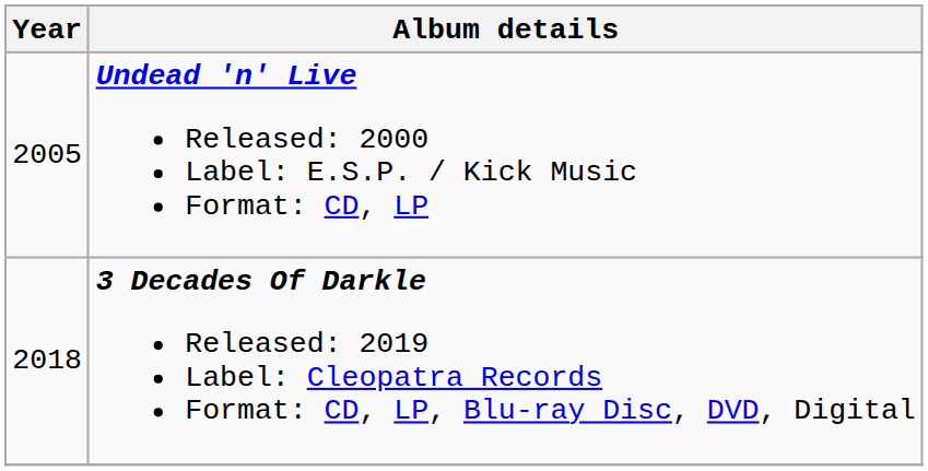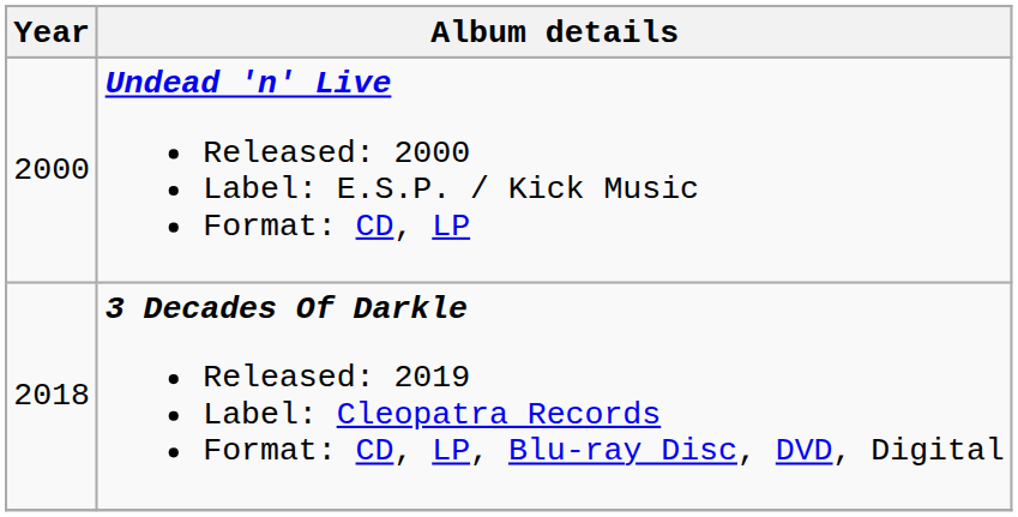 <table class ="wikitable">
 <tr>
 <th>Year</th>
 <th>Album details</th>
 </tr>
 <tr>
-<td>2005</td>
+<td>2000</td>
 <td><strong><em><a href='#'>Undead 'n' Live</a></em></strong><br><ul><li>Released: 2000</li><li>Label: E.S.P. / Kick Music</li><li>Format: <a href='#'>CD</a>, <a href='#'>LP</a></li></ul></td>
 </tr>
 <tr>
 <td>2018</td>
 <td><strong><em>3 Decades Of Darkle</em></strong><br><ul><li>Released: 2019</li><li>Label: <a href='#'>Cleopatra Records</a></li><li>Format: <a href='#'>CD</a>, <a href='#'>LP</a>, <a href='#'>Blu-ray Disc</a>, <a href='#'>DVD</a>, Digital</li></ul></td>
 </tr>
 <tr>
 </tr>
 </table>
